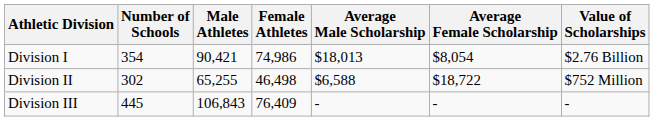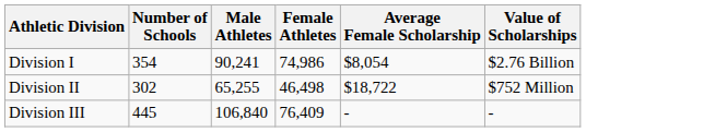 <table class="wikitable">
 <tr>
 <th>Athletic Division</th>
 <th>Number of<br>Schools</th>
 <th>Male<br>Athletes</th>
 <th>Female<br>Athletes</th>
-<th>Average<br>Male  Scholarship</th>
 <th>Average<br>Female Scholarship</th>
 <th>Value of<br>Scholarships</th>
 </tr>
 <tr>
 <td>Division I</td>
 <td>354</td>
-<td>90,421</td>
+<td>90,241</td>
 <td>74,986</td>
-<td>$18,013</td>
 <td>$8,054</td>
 <td>$2.76 Billion</td>
 </tr>
 <tr>
 <td>Division II</td>
 <td>302</td>
 <td>65,255</td>
 <td>46,498</td>
-<td>$6,588</td>
 <td>$18,722</td>
 <td>$752 Million</td>
 </tr>
 <tr>
 <td>Division III</td>
 <td>445</td>
-<td>106,843</td>
+<td>106,840</td>
 <td>76,409</td>
-<td>-</td>
 <td>-</td>
 <td>-</td>
 </tr>
 </table>
